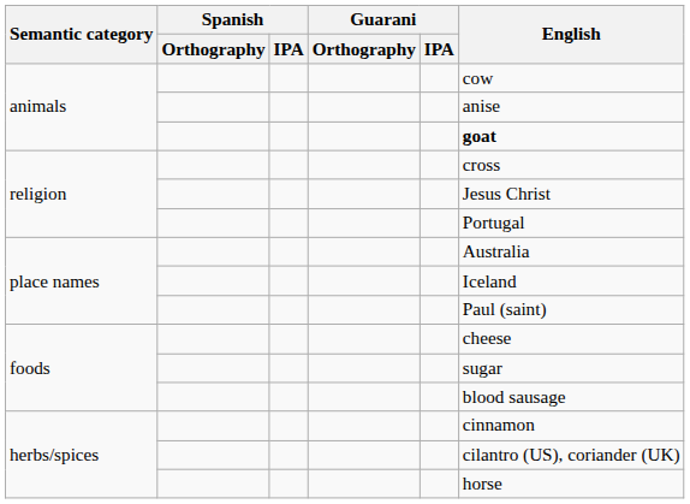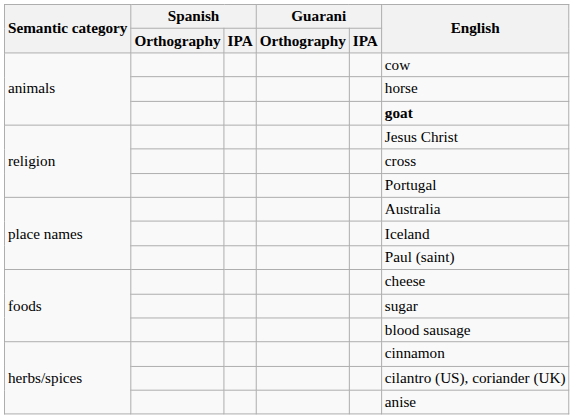 <table class="wikitable">
 <tr>
 <th rowspan="2">Semantic category</th>
 <th colspan="2">Spanish</th>
 <th colspan="2">Guarani</th>
 <th rowspan="2">English</th>
 </tr>
 <tr>
 <th>Orthography</th>
 <th>IPA</th>
 <th>Orthography</th>
 <th>IPA</th>
 </tr>
 <tr>
 <td rowspan="3">animals</td>
 <td></td>
 <td></td>
 <td></td>
 <td></td>
 <td>cow</td>
 </tr>
 <tr>
 <td></td>
 <td></td>
 <td></td>
 <td></td>
-<td>anise</td>
+<td>horse</td>
 </tr>
 <tr>
 <td></td>
 <td></td>
 <td></td>
 <td></td>
 <td><strong>goat</strong></td>
 </tr>
 <tr>
 <td rowspan="3">religion</td>
 <td></td>
 <td></td>
 <td></td>
 <td></td>
-<td>cross</td>
+<td>Jesus Christ</td>
 </tr>
 <tr>
 <td></td>
 <td></td>
 <td></td>
 <td></td>
-<td>Jesus Christ</td>
+<td>cross</td>
 </tr>
 <tr>
 <td></td>
 <td></td>
 <td></td>
 <td></td>
 <td>Portugal</td>
 </tr>
 <tr>
 <td rowspan="3">place names</td>
 <td></td>
 <td></td>
 <td></td>
 <td></td>
 <td>Australia</td>
 </tr>
 <tr>
 <td></td>
 <td></td>
 <td></td>
 <td></td>
 <td>Iceland</td>
 </tr>
 <tr>
 <td></td>
 <td></td>
 <td></td>
 <td></td>
 <td>Paul (saint)</td>
 </tr>
 <tr>
 <td rowspan="3">foods</td>
 <td></td>
 <td></td>
 <td></td>
 <td></td>
 <td>cheese</td>
 </tr>
 <tr>
 <td></td>
 <td></td>
 <td></td>
 <td></td>
 <td>sugar</td>
 </tr>
 <tr>
 <td></td>
 <td></td>
 <td></td>
 <td></td>
 <td>blood sausage</td>
 </tr>
 <tr>
 <td rowspan="3">herbs/spices</td>
 <td></td>
 <td></td>
 <td></td>
 <td></td>
 <td>cinnamon</td>
 </tr>
 <tr>
 <td></td>
 <td></td>
 <td></td>
 <td></td>
 <td>cilantro (US), coriander (UK)</td>
 </tr>
 <tr>
 <td></td>
 <td></td>
 <td></td>
 <td></td>
-<td>horse</td>
+<td>anise</td>
 </tr>
 </table>
